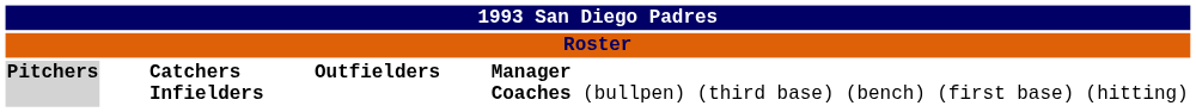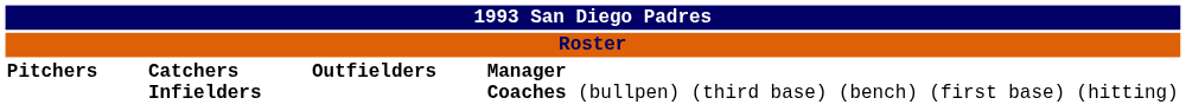 <table class="toccolours" style="font-size: 95%;">
 <tr>
 <th colspan="10" style="background-color: #000066;; color: #FFFFFF; text-align: center;">1993 San Diego Padres</th>
 </tr>
 <tr>
 <td colspan="10" style="background-color: #de6108; color: #000066; text-align: center;"><strong>Roster</strong></td>
 </tr>
 <tr>
-<td valign="top" style="background: lightgrey;"><strong>Pitchers</strong><br>                      </td>
+<td valign="top"><strong>Pitchers</strong><br>                      </td>
 <td width="25px"></td>
 <td valign="top"><strong>Catchers</strong><br>    <strong>Infielders</strong>           </td>
 <td width="25px"></td>
 <td valign="top"><strong>Outfielders</strong><br>       </td>
 <td width="25px"></td>
 <td valign="top"><strong>Manager</strong><br> <strong>Coaches</strong>  (bullpen)  (third base)  (bench)  (first base)  (hitting) </td>
 </tr>
 </table>
